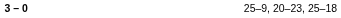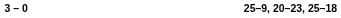 <table width=100% cellspacing=1>
 <tr>
 <th width=20%></th>
 <th width=12%></th>
 <th width=20%></th>
 <th width=33%></th>
 <td></td>
 </tr>
 <tr style=font-size:95%>
 <td align=right><strong></strong></td>
 <td align=center><strong>3 – 0</strong></td>
 <td></td>
-<td>25–9, 20–23, 25–18</td>
+<td><strong>25–9, 20–23, 25–18</strong></td>
 </tr>
 </table>
